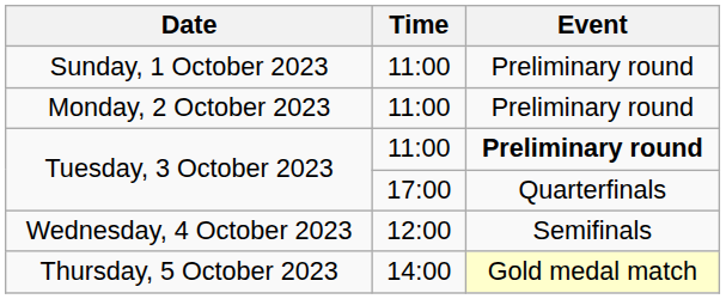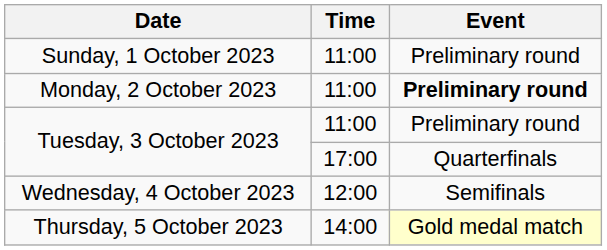 <table class = "wikitable" style="text-align:center;">
 <tr>
 <th width=220>Date</th>
 <th width=50>Time</th>
 <th width=150>Event</th>
 </tr>
 <tr>
 <td>Sunday, 1 October 2023</td>
 <td>11:00</td>
 <td>Preliminary round</td>
 </tr>
 <tr>
 <td>Monday, 2 October 2023</td>
 <td>11:00</td>
-<td>Preliminary round</td>
+<td><strong>Preliminary round</strong></td>
 </tr>
 <tr>
 <td rowspan=2>Tuesday, 3 October 2023</td>
 <td>11:00</td>
-<td><strong>Preliminary round</strong></td>
+<td>Preliminary round</td>
 </tr>
 <tr>
 <td>17:00</td>
 <td>Quarterfinals</td>
 </tr>
 <tr>
 <td>Wednesday, 4 October 2023</td>
 <td>12:00</td>
 <td>Semifinals</td>
 </tr>
 <tr>
 <td>Thursday, 5 October 2023</td>
 <td>14:00</td>
 <td bgcolor=ffffcc>Gold medal match</td>
 </tr>
 </table>
